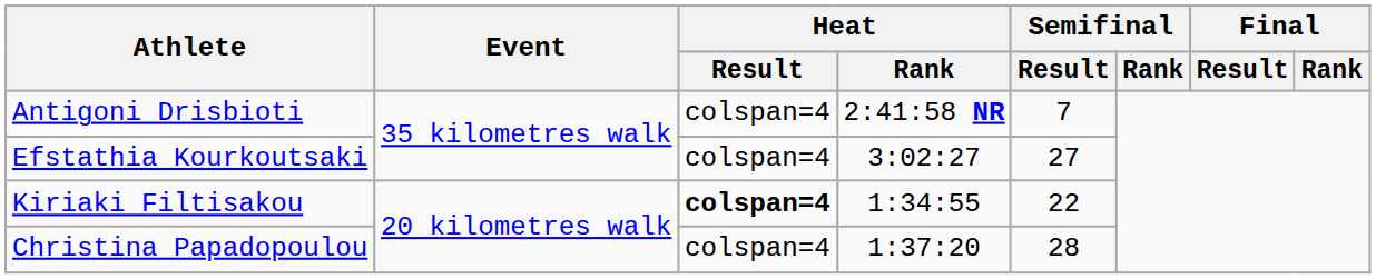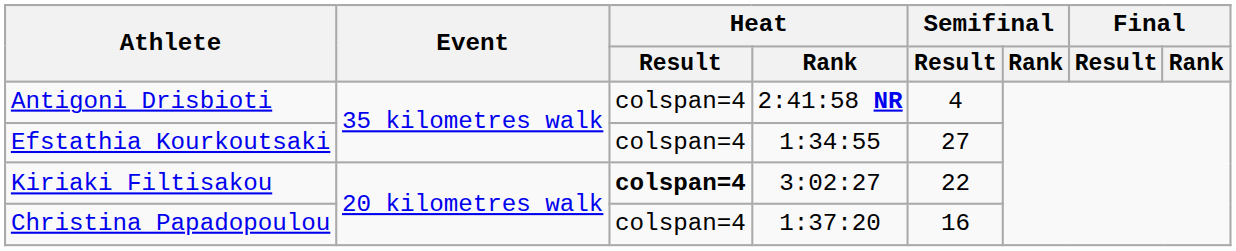 <table class="wikitable" style="font-size:90%">
 <tr>
 <th rowspan="2">Athlete</th>
 <th rowspan="2">Event</th>
 <th colspan="2">Heat</th>
 <th colspan="2">Semifinal</th>
 <th colspan="2">Final</th>
 </tr>
 <tr style="font-size:95%">
 <th>Result</th>
 <th>Rank</th>
 <th>Result</th>
 <th>Rank</th>
 <th>Result</th>
 <th>Rank</th>
 </tr>
 <tr style=text-align:center>
 <td style=text-align:left><a href='#'>Antigoni Drisbioti</a></td>
 <td style=text-align:left rowspan=2><a href='#'>35 kilometres walk</a></td>
 <td>colspan=4 </td>
 <td>2:41:58 <strong><a href='#'>NR</a></strong></td>
-<td>7</td>
+<td>4</td>
 </tr>
 <tr style=text-align:center>
 <td style=text-align:left><a href='#'>Efstathia Kourkoutsaki</a></td>
 <td>colspan=4 </td>
-<td>3:02:27 </td>
+<td>1:34:55 </td>
 <td>27</td>
 </tr>
 <tr style=text-align:center>
 <td style=text-align:left><a href='#'>Kiriaki Filtisakou</a></td>
 <td style=text-align:left rowspan=2><a href='#'>20 kilometres walk</a></td>
 <td><strong>colspan=4 </strong></td>
-<td>1:34:55 </td>
+<td>3:02:27 </td>
 <td>22</td>
 </tr>
 <tr style=text-align:center>
 <td style=text-align:left><a href='#'>Christina Papadopoulou</a></td>
 <td>colspan=4 </td>
 <td>1:37:20 </td>
-<td>28</td>
+<td>16</td>
 </tr>
 </table>
